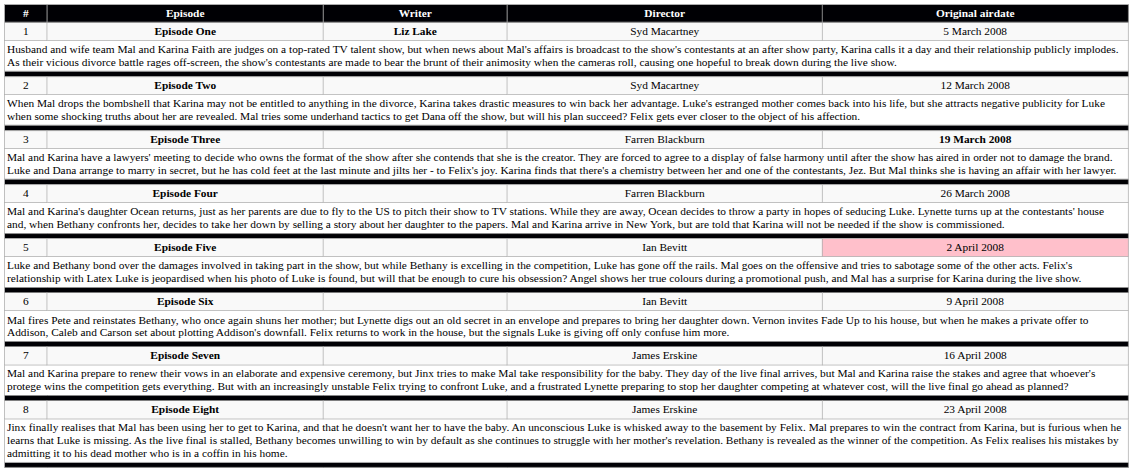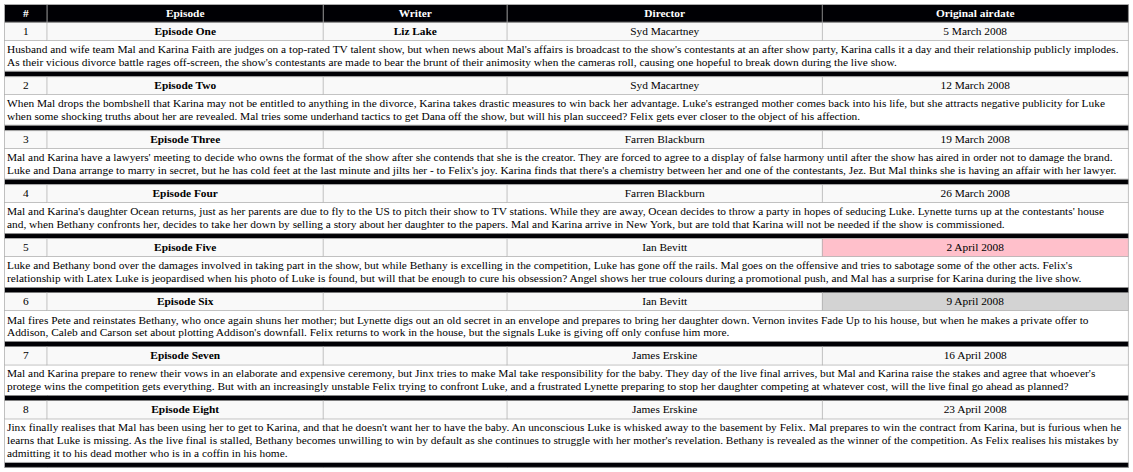 <table class="wikitable" style="width:100%;">
 <tr>
 <th style="background-color: #000004; color:white">#</th>
 <th style="background: #000004; color:white">Episode</th>
 <th style="background: #000004; color:white">Writer</th>
 <th style="background: #000004; color:white">Director</th>
 <th style="background: #000004; color:white">Original airdate</th>
 </tr>
 <tr>
 <td align="center">1</td>
 <td align="center"><strong>Episode One</strong></td>
 <td align="center"><strong>Liz Lake</strong></td>
 <td align="center">Syd Macartney</td>
 <td align="center">5 March 2008</td>
 </tr>
 <tr>
 <td style="background:white" colspan="6">Husband and wife team Mal and Karina Faith are judges on a top-rated TV talent show, but when news about Mal's affairs is broadcast to the show's contestants at an after show party, Karina calls it a day and their relationship publicly implodes. As their vicious divorce battle rages off-screen, the show's contestants are made to bear the brunt of their animosity when the cameras roll, causing one hopeful to break down during the live show.</td>
 </tr>
 <tr style="background:#000004; height:2px">
 <td colspan="6"></td>
 </tr>
 <tr>
 <td align="center">2</td>
 <td align="center"><strong>Episode Two</strong></td>
 <td align="center"></td>
 <td align="center">Syd Macartney</td>
 <td align="center">12 March 2008</td>
 </tr>
 <tr>
 <td style="background:white" colspan="6">When Mal drops the bombshell that Karina may not be entitled to anything in the divorce, Karina takes drastic measures to win back her advantage. Luke's estranged mother comes back into his life, but she attracts negative publicity for Luke when some shocking truths about her are revealed. Mal tries some underhand tactics to get Dana off the show, but will his plan succeed? Felix gets ever closer to the object of his affection.</td>
 </tr>
 <tr style="background:#000004; height:2px">
 <td colspan="6"></td>
 </tr>
 <tr>
 <td align="center">3</td>
 <td align="center"><strong>Episode Three</strong></td>
 <td align="center"></td>
 <td align="center">Farren Blackburn</td>
-<td align="center"><strong>19 March 2008</strong></td>
+<td align="center">19 March 2008</td>
 </tr>
 <tr>
 <td style="background:white" colspan="6">Mal and Karina have a lawyers' meeting to decide who owns the format of the show after she contends that she is the creator. They are forced to agree to a display of false harmony until after the show has aired in order not to damage the brand. Luke and Dana arrange to marry in secret, but he has cold feet at the last minute and jilts her - to Felix's joy. Karina finds that there's a chemistry between her and one of the contestants, Jez. But Mal thinks she is having an affair with her lawyer.</td>
 </tr>
 <tr style="background:#000004; height:2px">
 <td colspan="6"></td>
 </tr>
 <tr>
 <td align="center">4</td>
 <td align="center"><strong>Episode Four</strong></td>
 <td align="center"></td>
 <td align="center">Farren Blackburn</td>
 <td align="center">26 March 2008</td>
 </tr>
 <tr>
 <td style="background:white" colspan="6">Mal and Karina's daughter Ocean returns, just as her parents are due to fly to the US to pitch their show to TV stations. While they are away, Ocean decides to throw a party in hopes of seducing Luke. Lynette turns up at the contestants' house and, when Bethany confronts her, decides to take her down by selling a story about her daughter to the papers. Mal and Karina arrive in New York, but are told that Karina will not be needed if the show is commissioned.</td>
 </tr>
 <tr style="background:#000004; height:2px">
 <td colspan="6"></td>
 </tr>
 <tr>
 <td align="center">5</td>
 <td align="center"><strong>Episode Five</strong></td>
 <td align="center"></td>
 <td align="center">Ian Bevitt</td>
 <td align="center" style="background: pink;">2 April 2008</td>
 </tr>
 <tr>
 <td style="background:white" colspan="6">Luke and Bethany bond over the damages involved in taking part in the show, but while Bethany is excelling in the competition, Luke has gone off the rails. Mal goes on the offensive and tries to sabotage some of the other acts. Felix's relationship with Latex Luke is jeopardised when his photo of Luke is found, but will that be enough to cure his obsession? Angel shows her true colours during a promotional push, and Mal has a surprise for Karina during the live show.</td>
 </tr>
 <tr style="background:#000004; height:2px">
 <td colspan="6"></td>
 </tr>
 <tr>
 <td align="center">6</td>
 <td align="center"><strong>Episode Six</strong></td>
 <td align="center"></td>
 <td align="center">Ian Bevitt</td>
-<td align="center">9 April 2008</td>
+<td align="center" style="background: lightgrey;">9 April 2008</td>
 </tr>
 <tr>
 <td style="background:white" colspan="6">Mal fires Pete and reinstates Bethany, who once again shuns her mother; but Lynette digs out an old secret in an envelope and prepares to bring her daughter down. Vernon invites Fade Up to his house, but when he makes a private offer to Addison, Caleb and Carson set about plotting Addison's downfall. Felix returns to work in the house, but the signals Luke is giving off only confuse him more.</td>
 </tr>
 <tr style="background:#000004; height:2px">
 <td colspan="6"></td>
 </tr>
 <tr>
 <td align="center">7</td>
 <td align="center"><strong>Episode Seven</strong></td>
 <td align="center"></td>
 <td align="center">James Erskine</td>
 <td align="center">16 April 2008</td>
 </tr>
 <tr>
 <td style="background:white" colspan="6">Mal and Karina prepare to renew their vows in an elaborate and expensive ceremony, but Jinx tries to make Mal take responsibility for the baby. They day of the live final arrives, but Mal and Karina raise the stakes and agree that whoever's protege wins the competition gets everything. But with an increasingly unstable Felix trying to confront Luke, and a frustrated Lynette preparing to stop her daughter competing at whatever cost, will the live final go ahead as planned?</td>
 </tr>
 <tr style="background:#000004;; height:2px">
 <td colspan="6"></td>
 </tr>
 <tr>
 <td align="center">8</td>
 <td align="center"><strong>Episode Eight</strong></td>
 <td align="center"></td>
 <td align="center">James Erskine</td>
 <td align="center">23 April 2008</td>
 </tr>
 <tr>
 <td style="background:white" colspan="6">Jinx finally realises that Mal has been using her to get to Karina, and that he doesn't want her to have the baby. An unconscious Luke is whisked away to the basement by Felix. Mal prepares to win the contract from Karina, but is furious when he learns that Luke is missing. As the live final is stalled, Bethany becomes unwilling to win by default as she continues to struggle with her mother's revelation. Bethany is revealed as the winner of the competition. As Felix realises his mistakes by admitting it to his dead mother who is in a coffin in his home.</td>
 </tr>
 <tr style="background:#000004; height:2px">
 <td colspan="6"></td>
 </tr>
 </table>
